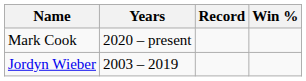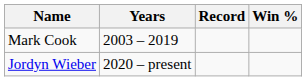 <table class="wikitable">
 <tr>
 <th>Name</th>
 <th>Years</th>
 <th>Record</th>
 <th>Win %</th>
 </tr>
 <tr>
 <td>Mark Cook</td>
-<td>2020 – present</td>
+<td>2003 – 2019</td>
 <td></td>
 <td></td>
 </tr>
 <tr>
 <td><a href='#'>Jordyn Wieber</a></td>
-<td>2003 – 2019</td>
+<td>2020 – present</td>
 <td></td>
 <td></td>
 </tr>
 </table>
